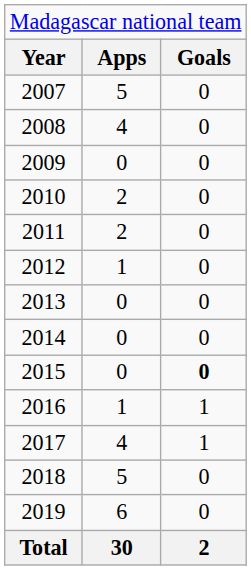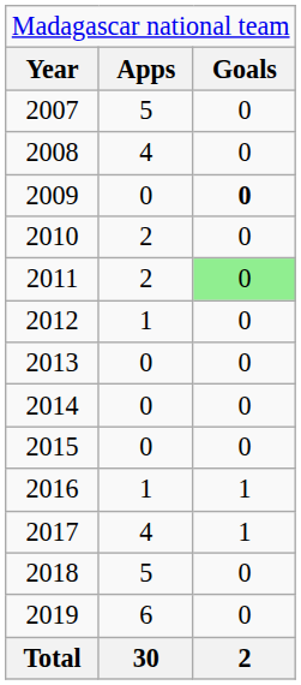 <table class="wikitable" style="text-align:center">
 <tr>
 <td colspan="3"><a href='#'>Madagascar national team</a></td>
 </tr>
 <tr>
 <th>Year</th>
 <th>Apps</th>
 <th>Goals</th>
 </tr>
 <tr>
 <td>2007</td>
 <td>5</td>
 <td>0</td>
 </tr>
 <tr>
 <td>2008</td>
 <td>4</td>
 <td>0</td>
 </tr>
 <tr>
 <td>2009</td>
 <td>0</td>
-<td>0</td>
+<td><strong>0</strong></td>
 </tr>
 <tr>
 <td>2010</td>
 <td>2</td>
 <td>0</td>
 </tr>
 <tr>
 <td>2011</td>
 <td>2</td>
-<td>0</td>
+<td style="background: lightgreen;">0</td>
 </tr>
 <tr>
 <td>2012</td>
 <td>1</td>
 <td>0</td>
 </tr>
 <tr>
 <td>2013</td>
 <td>0</td>
 <td>0</td>
 </tr>
 <tr>
 <td>2014</td>
 <td>0</td>
 <td>0</td>
 </tr>
 <tr>
 <td>2015</td>
 <td>0</td>
-<td><strong>0</strong></td>
+<td>0</td>
 </tr>
 <tr>
 <td>2016</td>
 <td>1</td>
 <td>1</td>
 </tr>
 <tr>
 <td>2017</td>
 <td>4</td>
 <td>1</td>
 </tr>
 <tr>
 <td>2018</td>
 <td>5</td>
 <td>0</td>
 </tr>
 <tr>
 <td>2019</td>
 <td>6</td>
 <td>0</td>
 </tr>
 <tr>
 <th>Total</th>
 <th>30</th>
 <th>2</th>
 </tr>
 </table>
